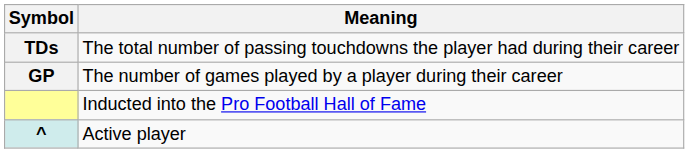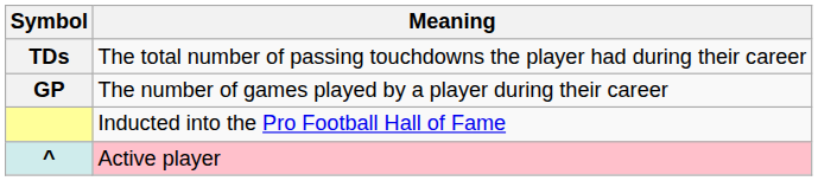 <table class="wikitable plainrowheaders" border="1">
 <tr>
 <th scope="col">Symbol</th>
 <th scope="col">Meaning</th>
 </tr>
 <tr>
 <th scope="row" style="text-align:center;"><strong>TDs</strong></th>
 <td>The total number of passing touchdowns the player had during their career</td>
 </tr>
 <tr>
 <th scope="row" style="text-align:center;"><strong>GP</strong></th>
 <td>The number of games played by a player during their career</td>
 </tr>
 <tr>
 <th scope="row" style="text-align:center; background:#FFFF99;"></th>
 <td>Inducted into the <a href='#'>Pro Football Hall of Fame</a></td>
 </tr>
 <tr>
 <th scope="row" style="text-align:center; background-color:#cfecec;">^</th>
-<td>Active player</td>
+<td style="background: pink;">Active player</td>
 </tr>
 </table>
